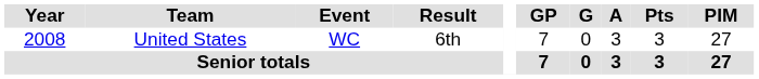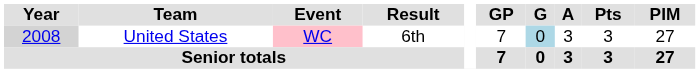 <table border=0 cellpadding=1 cellspacing=0 style="text-align:center; width:40em">
 <tr ALIGN="center" bgcolor="#e0e0e0">
 <th>Year</th>
 <th>Team</th>
 <th>Event</th>
 <th>Result</th>
 <th rowspan=99 bgcolor="#ffffff"> </th>
 <th>GP</th>
 <th>G</th>
 <th>A</th>
 <th>Pts</th>
 <th>PIM</th>
 </tr>
 <tr>
-<td><a href='#'>2008</a></td>
+<td style="background: lightgrey;"><a href='#'>2008</a></td>
 <td><a href='#'>United States</a></td>
-<td><a href='#'>WC</a></td>
+<td style="background: pink;"><a href='#'>WC</a></td>
 <td>6th</td>
 <td>7</td>
-<td>0</td>
+<td style="background: lightblue;">0</td>
 <td>3</td>
 <td>3</td>
 <td>27</td>
 </tr>
 <tr bgcolor="#e0e0e0">
 <th colspan=4>Senior totals</th>
 <th>7</th>
 <th>0</th>
 <th>3</th>
 <th>3</th>
 <th>27</th>
 </tr>
 </table>
